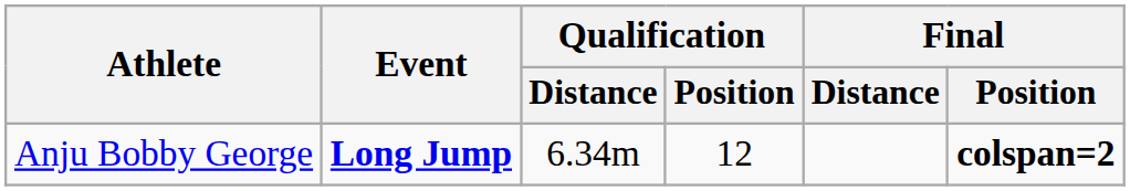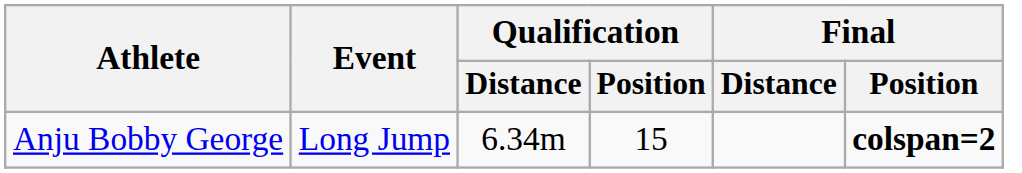 <table class=wikitable style="font-size:90%">
 <tr>
 <th rowspan="2">Athlete</th>
 <th rowspan="2">Event</th>
 <th colspan="2">Qualification</th>
 <th colspan="2">Final</th>
 </tr>
 <tr style="font-size:95%">
 <th>Distance</th>
 <th>Position</th>
 <th>Distance</th>
 <th>Position</th>
 </tr>
 <tr style=text-align:center>
 <td style=text-align:left><a href='#'>Anju Bobby George</a></td>
-<td style="text-align:left"><strong><a href='#'>Long Jump</a></strong></td>
+<td style="text-align:left"><a href='#'>Long Jump</a></td>
 <td>6.34m</td>
-<td>12</td>
+<td>15</td>
 <td></td>
 <td><strong>colspan=2 </strong></td>
 </tr>
 </table>
